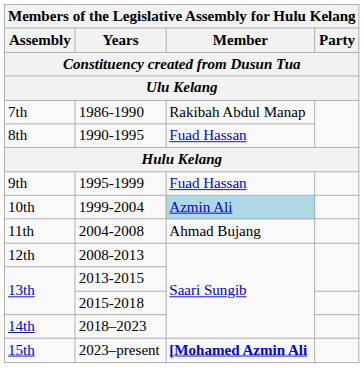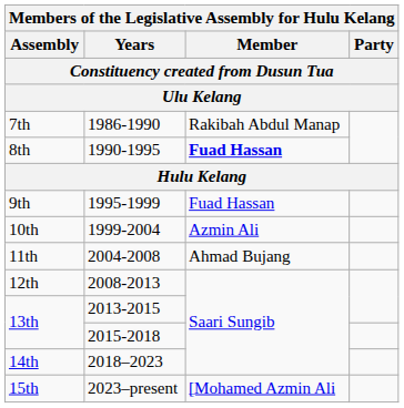 <table class=wikitable>
 <tr>
 <th colspan=4>Members of the Legislative Assembly for Hulu Kelang</th>
 </tr>
 <tr>
 <th>Assembly</th>
 <th>Years</th>
 <th>Member</th>
 <th>Party</th>
 </tr>
 <tr>
 <th colspan=4 align=center><em>Constituency created from Dusun Tua</em></th>
 </tr>
 <tr>
 <th colspan="4"><em>Ulu Kelang</em></th>
 </tr>
 <tr>
 <td>7th</td>
 <td>1986-1990</td>
 <td>Rakibah Abdul Manap</td>
 <td rowspan="2"></td>
 </tr>
 <tr>
 <td>8th</td>
 <td>1990-1995</td>
-<td><a href='#'>Fuad Hassan</a></td>
+<td><strong><a href='#'>Fuad Hassan</a></strong></td>
 </tr>
 <tr>
 <th colspan="4"><em>Hulu Kelang</em></th>
 </tr>
 <tr>
 <td>9th</td>
 <td>1995-1999</td>
 <td><a href='#'>Fuad Hassan</a></td>
 <td></td>
 </tr>
 <tr>
 <td>10th</td>
 <td>1999-2004</td>
-<td style="background: lightblue;"><a href='#'>Azmin Ali</a></td>
+<td><a href='#'>Azmin Ali</a></td>
 <td></td>
 </tr>
 <tr>
 <td>11th</td>
 <td>2004-2008</td>
 <td>Ahmad Bujang</td>
 <td></td>
 </tr>
 <tr>
 <td>12th</td>
 <td>2008-2013</td>
 <td rowspan=4><a href='#'>Saari Sungib</a></td>
 <td rowspan=2></td>
 </tr>
 <tr>
 <td rowspan=2><a href='#'>13th</a></td>
 <td>2013-2015</td>
 </tr>
 <tr>
 <td>2015-2018</td>
 <td></td>
 </tr>
 <tr>
 <td><a href='#'>14th</a></td>
 <td>2018–2023</td>
 <td></td>
 </tr>
 <tr>
 <td><a href='#'>15th</a></td>
 <td>2023–present</td>
-<td><strong><a href='#'>[Mohamed Azmin Ali</a></strong></td>
+<td><a href='#'>[Mohamed Azmin Ali</a></td>
 <td></td>
 </tr>
 </table>
